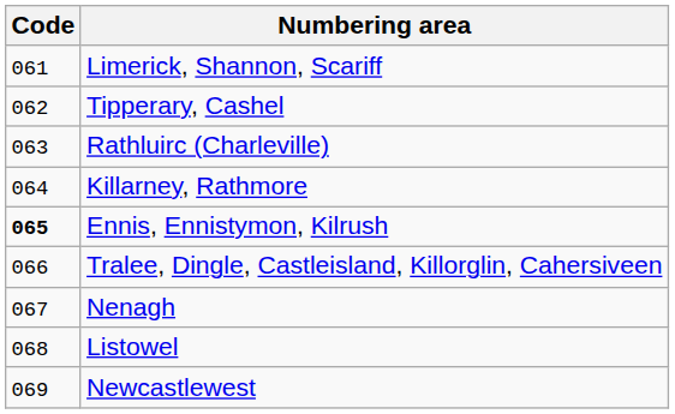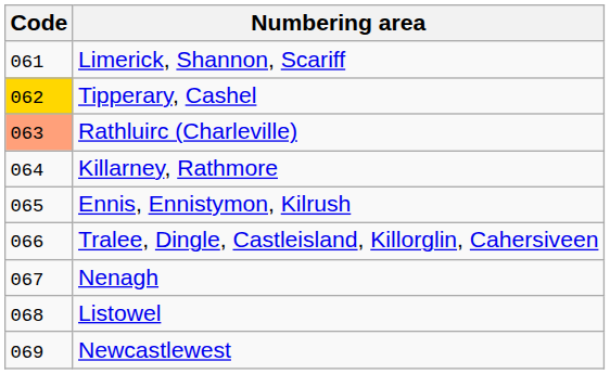 <table class="wikitable">
 <tr>
 <th>Code</th>
 <th>Numbering area</th>
 </tr>
 <tr>
 <td><code>061</code></td>
 <td><a href='#'>Limerick</a>, <a href='#'>Shannon</a>, <a href='#'>Scariff</a></td>
 </tr>
 <tr>
-<td><code>062</code></td>
+<td style="background: gold;"><code>062</code></td>
 <td><a href='#'>Tipperary</a>, <a href='#'>Cashel</a></td>
 </tr>
 <tr>
-<td><code>063</code></td>
+<td style="background: lightsalmon;"><code>063</code></td>
 <td><a href='#'>Rathluirc (Charleville)</a></td>
 </tr>
 <tr>
 <td><code>064</code></td>
 <td><a href='#'>Killarney</a>, <a href='#'>Rathmore</a></td>
 </tr>
 <tr>
-<td><strong><code>065</code></strong></td>
+<td><code>065</code></td>
 <td><a href='#'>Ennis</a>, <a href='#'>Ennistymon</a>, <a href='#'>Kilrush</a></td>
 </tr>
 <tr>
 <td><code>066</code></td>
 <td><a href='#'>Tralee</a>, <a href='#'>Dingle</a>, <a href='#'>Castleisland</a>, <a href='#'>Killorglin</a>, <a href='#'>Cahersiveen</a></td>
 </tr>
 <tr>
 <td><code>067</code></td>
 <td><a href='#'>Nenagh</a></td>
 </tr>
 <tr>
 <td><code>068</code></td>
 <td><a href='#'>Listowel</a></td>
 </tr>
 <tr>
 <td><code>069</code></td>
 <td><a href='#'>Newcastlewest</a></td>
 </tr>
 </table>
